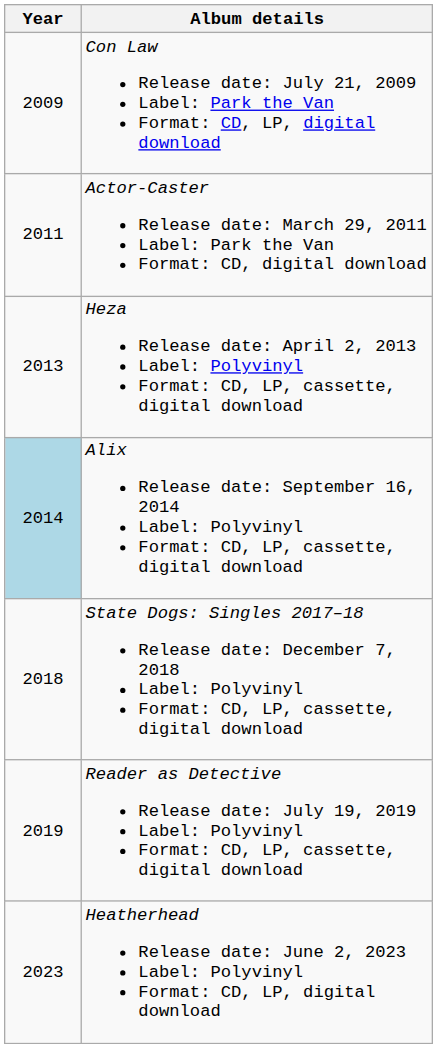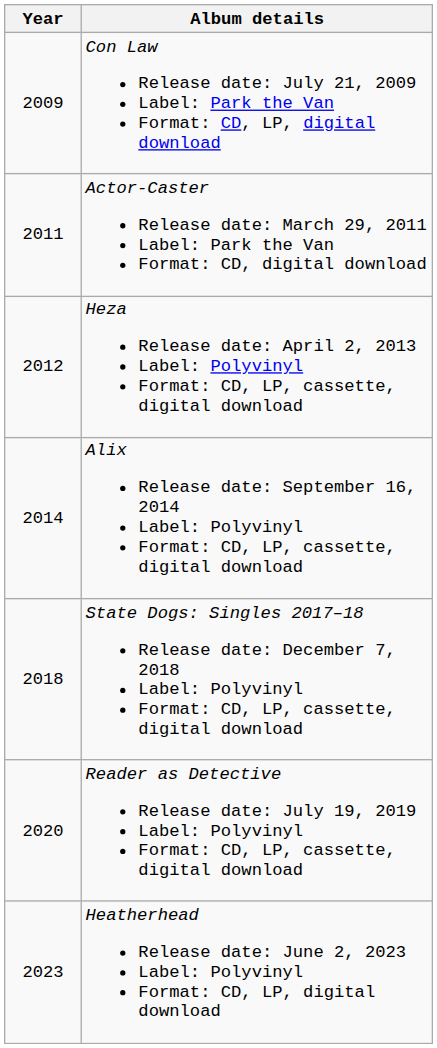 <table class="wikitable plainrowheaders" style="text-align:center;">
 <tr>
 <th scope="col" style="width:4em;">Year</th>
 <th scope="col" style="width:20em;">Album details</th>
 </tr>
 <tr>
 <td>2009</td>
 <td align=left><em>Con Law</em><br><ul><li>Release date: July 21, 2009</li><li>Label: <a href='#'>Park the Van</a></li><li>Format: <a href='#'>CD</a>, LP, <a href='#'>digital download</a></li></ul></td>
 </tr>
 <tr>
 <td>2011</td>
 <td align=left><em>Actor-Caster</em><br><ul><li>Release date: March 29, 2011</li><li>Label: Park the Van</li><li>Format: CD, digital download</li></ul></td>
 </tr>
 <tr>
-<td>2013</td>
+<td>2012</td>
 <td align=left><em>Heza</em><br><ul><li>Release date: April 2, 2013</li><li>Label: <a href='#'>Polyvinyl</a></li><li>Format: CD, LP, cassette, digital download</li></ul></td>
 </tr>
 <tr>
-<td style="background: lightblue;">2014</td>
+<td>2014</td>
 <td align=left><em>Alix</em><br><ul><li>Release date: September 16, 2014</li><li>Label: Polyvinyl</li><li>Format: CD, LP, cassette, digital download</li></ul></td>
 </tr>
 <tr>
 <td>2018</td>
 <td align=left><em>State Dogs: Singles 2017–18</em><br><ul><li>Release date: December 7, 2018</li><li>Label: Polyvinyl</li><li>Format: CD, LP, cassette, digital download</li></ul></td>
 </tr>
 <tr>
-<td>2019</td>
+<td>2020</td>
 <td align=left><em>Reader as Detective</em><br><ul><li>Release date: July 19, 2019</li><li>Label: Polyvinyl</li><li>Format: CD, LP, cassette, digital download</li></ul></td>
 </tr>
 <tr>
 <td>2023</td>
 <td align=left><em>Heatherhead</em><br><ul><li>Release date: June 2, 2023</li><li>Label: Polyvinyl</li><li>Format: CD, LP, digital download</li></ul></td>
 </tr>
 </table>
